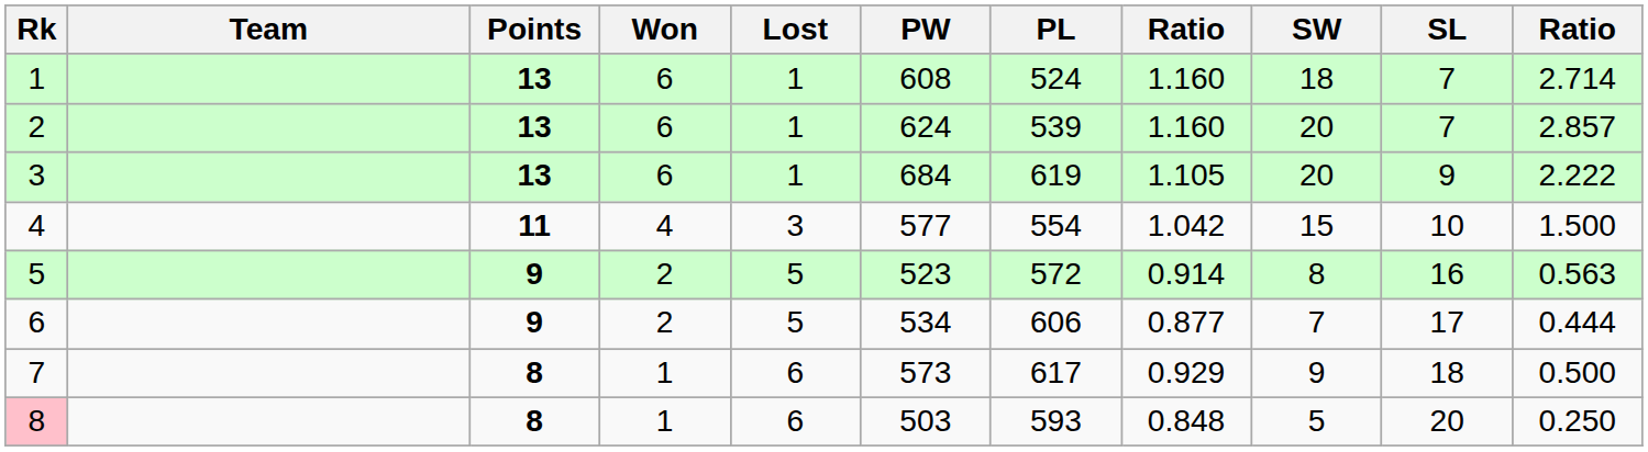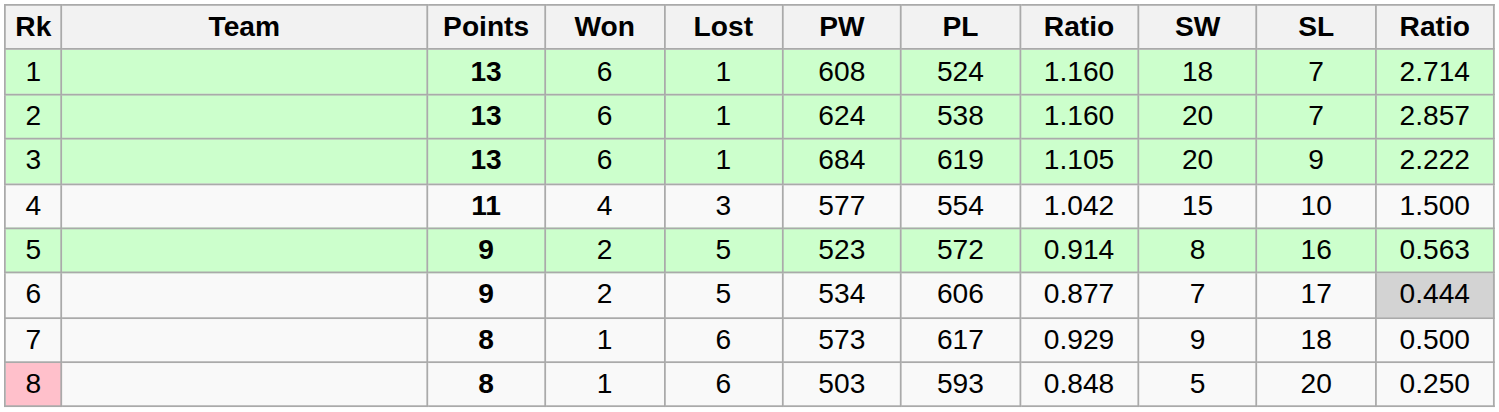 <table class=wikitable style="text-align:center">
 <tr bgcolor="#dcdcdc">
 <th width="25">Rk</th>
 <th width="200">Team</th>
 <th width="60">Points</th>
 <th width="60">Won</th>
 <th width="60">Lost</th>
 <th width="60">PW</th>
 <th width="60">PL</th>
 <th width="60">Ratio</th>
 <th width="60">SW</th>
 <th width="60">SL</th>
 <th width="60">Ratio</th>
 </tr>
 <tr bgcolor="ccffcc">
 <td>1</td>
 <td align=left></td>
 <td><strong>13</strong></td>
 <td>6</td>
 <td>1</td>
 <td>608</td>
 <td>524</td>
 <td>1.160</td>
 <td>18</td>
 <td>7</td>
 <td>2.714</td>
 </tr>
 <tr bgcolor="ccffcc">
 <td>2</td>
 <td align=left></td>
 <td><strong>13</strong></td>
 <td>6</td>
 <td>1</td>
 <td>624</td>
-<td>539</td>
+<td>538</td>
 <td>1.160</td>
 <td>20</td>
 <td>7</td>
 <td>2.857</td>
 </tr>
 <tr bgcolor="ccffcc">
 <td>3</td>
 <td align=left></td>
 <td><strong>13</strong></td>
 <td>6</td>
 <td>1</td>
 <td>684</td>
 <td>619</td>
 <td>1.105</td>
 <td>20</td>
 <td>9</td>
 <td>2.222</td>
 </tr>
 <tr>
 <td>4</td>
 <td align=left></td>
 <td><strong>11</strong></td>
 <td>4</td>
 <td>3</td>
 <td>577</td>
 <td>554</td>
 <td>1.042</td>
 <td>15</td>
 <td>10</td>
 <td>1.500</td>
 </tr>
 <tr bgcolor="#ccffcc">
 <td>5</td>
 <td align=left></td>
 <td><strong>9</strong></td>
 <td>2</td>
 <td>5</td>
 <td>523</td>
 <td>572</td>
 <td>0.914</td>
 <td>8</td>
 <td>16</td>
 <td>0.563</td>
 </tr>
 <tr>
 <td>6</td>
 <td align=left></td>
 <td><strong>9</strong></td>
 <td>2</td>
 <td>5</td>
 <td>534</td>
 <td>606</td>
 <td>0.877</td>
 <td>7</td>
 <td>17</td>
-<td>0.444</td>
+<td style="background: lightgrey;">0.444</td>
 </tr>
 <tr>
 <td>7</td>
 <td align=left></td>
 <td><strong>8</strong></td>
 <td>1</td>
 <td>6</td>
 <td>573</td>
 <td>617</td>
 <td>0.929</td>
 <td>9</td>
 <td>18</td>
 <td>0.500</td>
 </tr>
 <tr>
 <td style="background: pink;">8</td>
 <td align=left></td>
 <td><strong>8</strong></td>
 <td>1</td>
 <td>6</td>
 <td>503</td>
 <td>593</td>
 <td>0.848</td>
 <td>5</td>
 <td>20</td>
 <td>0.250</td>
 </tr>
 </table>
